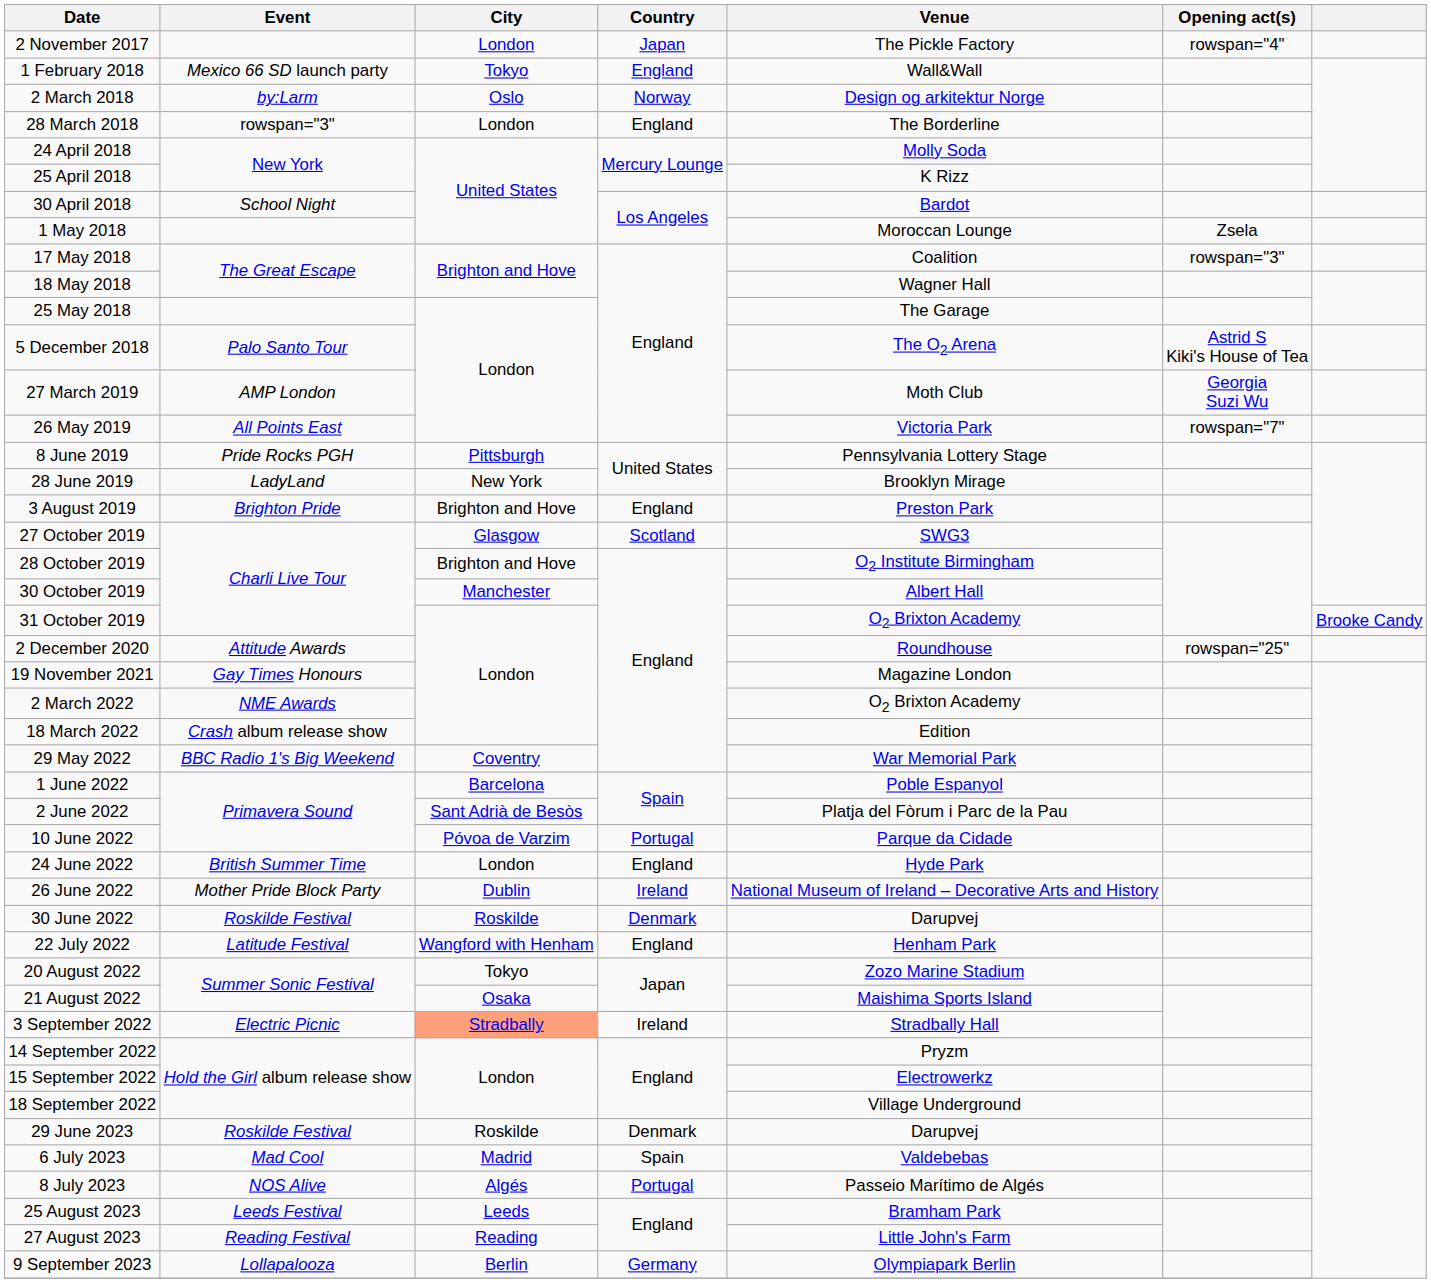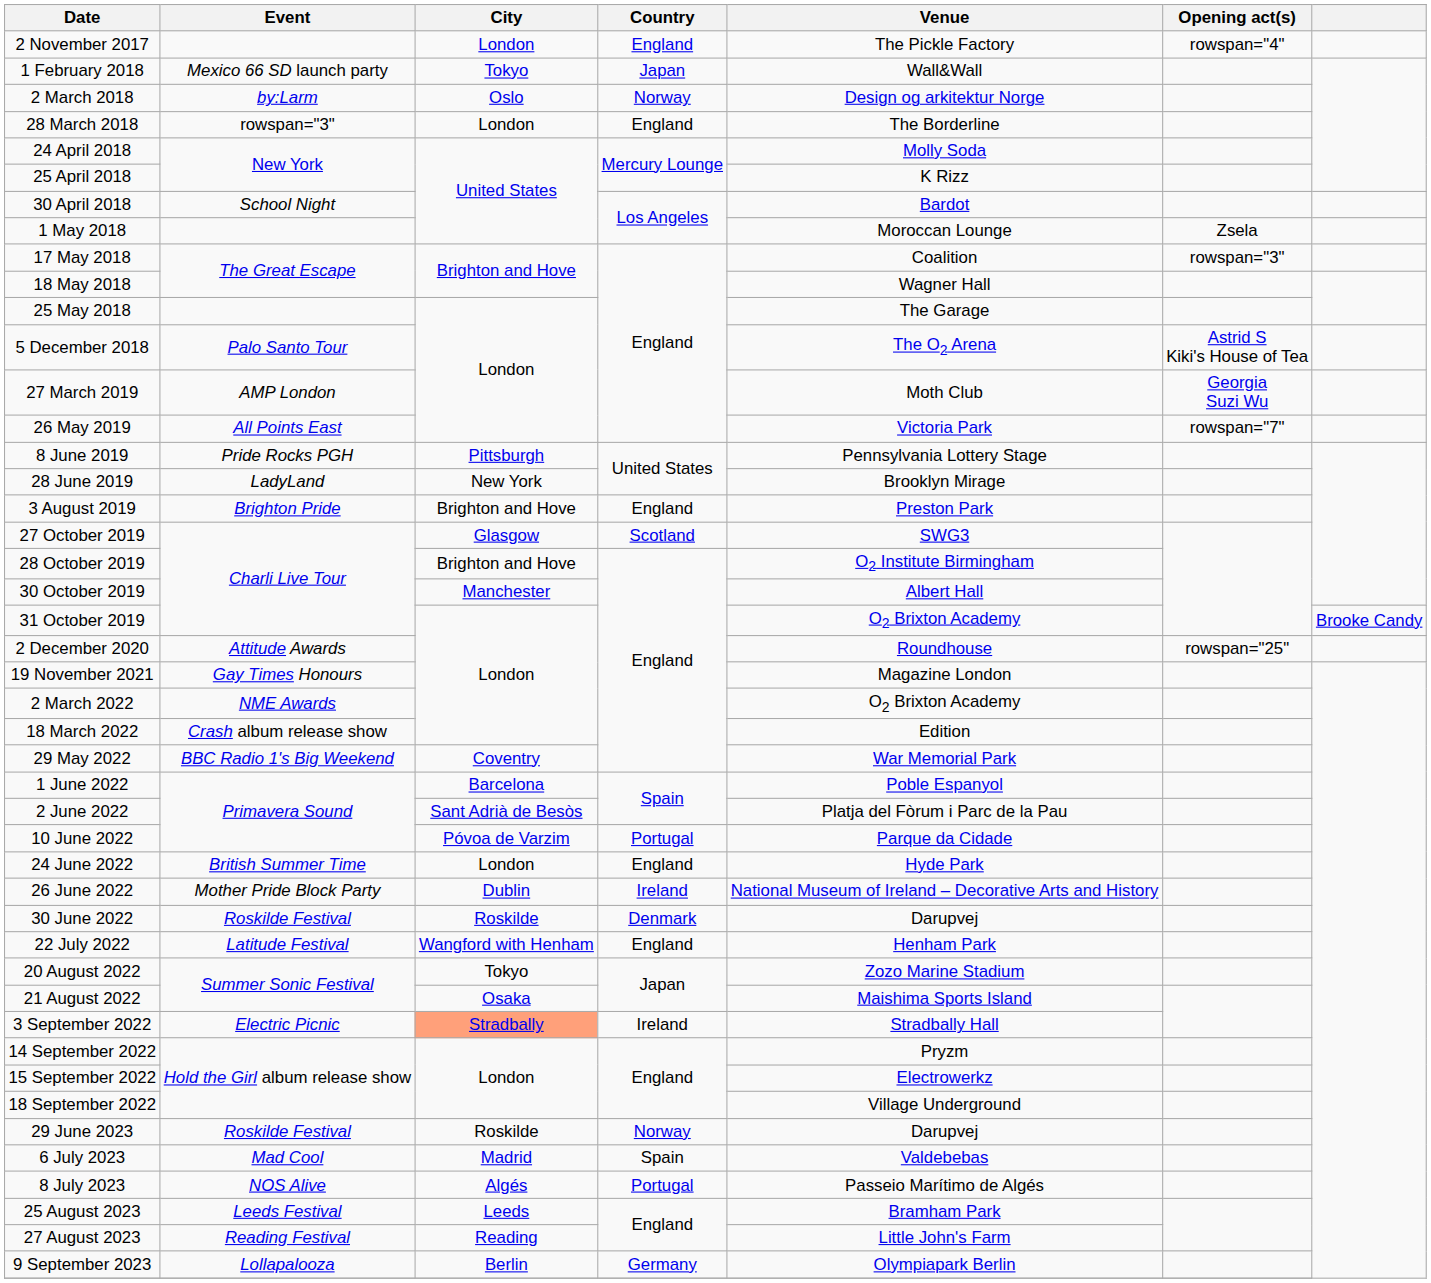 <table class="wikitable" style="text-align:center;">
 <tr>
 <th>Date</th>
 <th>Event</th>
 <th>City</th>
 <th>Country</th>
 <th>Venue</th>
 <th>Opening act(s)</th>
 <th></th>
 </tr>
 <tr>
 <td>2 November 2017</td>
 <td></td>
 <td><a href='#'>London</a></td>
-<td><a href='#'>Japan</a></td>
+<td><a href='#'>England</a></td>
 <td>The Pickle Factory</td>
 <td>rowspan="4" </td>
 <td></td>
 </tr>
 <tr>
 <td>1 February 2018</td>
 <td><em>Mexico 66 SD</em> launch party</td>
 <td><a href='#'>Tokyo</a></td>
-<td><a href='#'>England</a></td>
+<td><a href='#'>Japan</a></td>
 <td>Wall&Wall</td>
 <td></td>
 </tr>
 <tr>
 <td>2 March 2018</td>
 <td><em><a href='#'>by:Larm</a></em></td>
 <td><a href='#'>Oslo</a></td>
 <td><a href='#'>Norway</a></td>
 <td><a href='#'>Design og arkitektur Norge</a></td>
 <td></td>
 </tr>
 <tr>
 <td>28 March 2018</td>
 <td>rowspan="3" </td>
 <td>London</td>
 <td>England</td>
 <td>The Borderline</td>
 <td></td>
 </tr>
 <tr>
 <td>24 April 2018</td>
 <td rowspan="2"><a href='#'>New York</a></td>
 <td rowspan="4"><a href='#'>United States</a></td>
 <td rowspan="2"><a href='#'>Mercury Lounge</a></td>
 <td><a href='#'>Molly Soda</a></td>
 <td></td>
 </tr>
 <tr>
 <td>25 April 2018</td>
 <td>K Rizz</td>
 <td></td>
 </tr>
 <tr>
 <td>30 April 2018</td>
 <td><em>School Night</em></td>
 <td rowspan="2"><a href='#'>Los Angeles</a></td>
 <td><a href='#'>Bardot</a></td>
 <td></td>
 <td></td>
 </tr>
 <tr>
 <td>1 May 2018</td>
 <td></td>
 <td>Moroccan Lounge</td>
 <td>Zsela</td>
 <td></td>
 </tr>
 <tr>
 <td>17 May 2018</td>
 <td rowspan="2"><a href='#'><em>The Great Escape</em></a></td>
 <td rowspan="2"><a href='#'>Brighton and Hove</a></td>
 <td rowspan="6">England</td>
 <td>Coalition</td>
 <td>rowspan="3" </td>
 <td></td>
 </tr>
 <tr>
 <td>18 May 2018</td>
 <td>Wagner Hall</td>
 <td></td>
 </tr>
 <tr>
 <td>25 May 2018</td>
 <td></td>
 <td rowspan="4">London</td>
 <td>The Garage</td>
 <td></td>
 </tr>
 <tr>
 <td>5 December 2018</td>
 <td><em><a href='#'>Palo Santo Tour</a></em></td>
 <td><a href='#'>The O<sub>2</sub> Arena</a></td>
 <td><a href='#'>Astrid S</a><br>Kiki's House of Tea</td>
 <td></td>
 </tr>
 <tr>
 <td>27 March 2019</td>
 <td><em>AMP London</em></td>
 <td>Moth Club</td>
 <td><a href='#'>Georgia</a><br><a href='#'>Suzi Wu</a></td>
 <td></td>
 </tr>
 <tr>
 <td>26 May 2019</td>
 <td><em><a href='#'>All Points East</a></em></td>
 <td><a href='#'>Victoria Park</a></td>
 <td>rowspan="7" </td>
 <td></td>
 </tr>
 <tr>
 <td>8 June 2019</td>
 <td><em>Pride Rocks PGH</em></td>
 <td><a href='#'>Pittsburgh</a></td>
 <td rowspan="2">United States</td>
 <td>Pennsylvania Lottery Stage</td>
 <td></td>
 </tr>
 <tr>
 <td>28 June 2019</td>
 <td><em>LadyLand</em></td>
 <td>New York</td>
 <td>Brooklyn Mirage</td>
 <td></td>
 </tr>
 <tr>
 <td>3 August 2019</td>
 <td><em><a href='#'>Brighton Pride</a></em></td>
 <td>Brighton and Hove</td>
 <td>England</td>
 <td><a href='#'>Preston Park</a></td>
 <td></td>
 </tr>
 <tr>
 <td>27 October 2019</td>
 <td rowspan="4"><em><a href='#'>Charli Live Tour</a></em></td>
 <td><a href='#'>Glasgow</a></td>
 <td><a href='#'>Scotland</a></td>
 <td><a href='#'>SWG3</a></td>
 <td rowspan="4"></td>
 </tr>
 <tr>
 <td>28 October 2019</td>
 <td>Brighton and Hove</td>
 <td rowspan="8">England</td>
 <td><a href='#'>O<sub>2</sub> Institute Birmingham</a></td>
 </tr>
 <tr>
 <td>30 October 2019</td>
 <td><a href='#'>Manchester</a></td>
 <td><a href='#'>Albert Hall</a></td>
 </tr>
 <tr>
 <td>31 October 2019</td>
 <td rowspan="5">London</td>
 <td><a href='#'>O<sub>2</sub> Brixton Academy</a></td>
 <td><a href='#'>Brooke Candy</a></td>
 </tr>
 <tr>
 <td>2 December 2020</td>
 <td><em><a href='#'>Attitude</a> Awards</em></td>
 <td><a href='#'>Roundhouse</a></td>
 <td>rowspan="25" </td>
 <td></td>
 </tr>
 <tr>
 <td>19 November 2021</td>
 <td><em><a href='#'>Gay Times</a> Honours</em></td>
 <td>Magazine London</td>
 <td></td>
 </tr>
 <tr>
 <td>2 March 2022</td>
 <td><a href='#'><em>NME Awards</em></a></td>
 <td>O<sub>2</sub> Brixton Academy</td>
 <td></td>
 </tr>
 <tr>
 <td>18 March 2022</td>
 <td><a href='#'><em>Crash</em></a> album release show</td>
 <td>Edition</td>
 <td></td>
 </tr>
 <tr>
 <td>29 May 2022</td>
 <td><em><a href='#'>BBC Radio 1's Big Weekend</a></em></td>
 <td><a href='#'>Coventry</a></td>
 <td><a href='#'>War Memorial Park</a></td>
 <td></td>
 </tr>
 <tr>
 <td>1 June 2022</td>
 <td rowspan="3"><a href='#'><em>Primavera Sound</em></a></td>
 <td><a href='#'>Barcelona</a></td>
 <td rowspan="2"><a href='#'>Spain</a></td>
 <td><a href='#'>Poble Espanyol</a></td>
 <td></td>
 </tr>
 <tr>
 <td>2 June 2022</td>
 <td><a href='#'>Sant Adrià de Besòs</a></td>
 <td>Platja del Fòrum i Parc de la Pau</td>
 <td></td>
 </tr>
 <tr>
 <td>10 June 2022</td>
 <td><a href='#'>Póvoa de Varzim</a></td>
 <td><a href='#'>Portugal</a></td>
 <td><a href='#'>Parque da Cidade</a></td>
 <td></td>
 </tr>
 <tr>
 <td>24 June 2022</td>
 <td><a href='#'><em>British Summer Time</em></a></td>
 <td>London</td>
 <td>England</td>
 <td><a href='#'>Hyde Park</a></td>
 <td></td>
 </tr>
 <tr>
 <td>26 June 2022</td>
 <td><em>Mother Pride Block Party</em></td>
 <td><a href='#'>Dublin</a></td>
 <td><a href='#'>Ireland</a></td>
 <td><a href='#'>National Museum of Ireland – Decorative Arts and History</a></td>
 <td></td>
 </tr>
 <tr>
 <td>30 June 2022</td>
 <td><em><a href='#'>Roskilde Festival</a></em></td>
 <td><a href='#'>Roskilde</a></td>
 <td><a href='#'>Denmark</a></td>
 <td>Darupvej</td>
 <td></td>
 </tr>
 <tr>
 <td>22 July 2022</td>
 <td><em><a href='#'>Latitude Festival</a></em></td>
 <td><a href='#'>Wangford with Henham</a></td>
 <td>England</td>
 <td><a href='#'>Henham Park</a></td>
 <td></td>
 </tr>
 <tr>
 <td>20 August 2022</td>
 <td rowspan="2"><em><a href='#'>Summer Sonic Festival</a></em></td>
 <td>Tokyo</td>
 <td rowspan="2">Japan</td>
 <td><a href='#'>Zozo Marine Stadium</a></td>
 <td></td>
 </tr>
 <tr>
 <td>21 August 2022</td>
 <td><a href='#'>Osaka</a></td>
 <td><a href='#'>Maishima Sports Island</a></td>
 <td rowspan="2"></td>
 </tr>
 <tr>
 <td>3 September 2022</td>
 <td><em><a href='#'>Electric Picnic</a></em></td>
 <td style="background: lightsalmon;"><a href='#'>Stradbally</a></td>
 <td>Ireland</td>
 <td><a href='#'>Stradbally Hall</a></td>
 </tr>
 <tr>
 <td>14 September 2022</td>
 <td rowspan="3"><em><a href='#'>Hold the Girl</a></em> album release show</td>
 <td rowspan="3">London</td>
 <td rowspan="3">England</td>
 <td>Pryzm</td>
 <td></td>
 </tr>
 <tr>
 <td>15 September 2022</td>
 <td><a href='#'>Electrowerkz</a></td>
 <td></td>
 </tr>
 <tr>
 <td>18 September 2022</td>
 <td>Village Underground</td>
 <td></td>
 </tr>
 <tr>
 <td>29 June 2023</td>
 <td><em><a href='#'>Roskilde Festival</a></em></td>
 <td>Roskilde</td>
-<td>Denmark</td>
+<td><a href='#'>Norway</a></td>
 <td>Darupvej</td>
 <td></td>
 </tr>
 <tr>
 <td>6 July 2023</td>
 <td><em><a href='#'>Mad Cool</a></em></td>
 <td><a href='#'>Madrid</a></td>
 <td>Spain</td>
 <td><a href='#'>Valdebebas</a></td>
 <td></td>
 </tr>
 <tr>
 <td>8 July 2023</td>
 <td><em><a href='#'>NOS Alive</a></em></td>
 <td><a href='#'>Algés</a></td>
 <td><a href='#'>Portugal</a></td>
 <td>Passeio Marítimo de Algés</td>
 <td></td>
 </tr>
 <tr>
 <td>25 August 2023</td>
 <td><em><a href='#'>Leeds Festival</a></em></td>
 <td><a href='#'>Leeds</a></td>
 <td rowspan="2">England</td>
 <td><a href='#'>Bramham Park</a></td>
 <td rowspan="2"></td>
 </tr>
 <tr>
 <td>27 August 2023</td>
 <td><em><a href='#'>Reading Festival</a></em></td>
 <td><a href='#'>Reading</a></td>
 <td><a href='#'>Little John's Farm</a></td>
 </tr>
 <tr>
 <td>9 September 2023</td>
 <td><em><a href='#'>Lollapalooza</a></em></td>
 <td><a href='#'>Berlin</a></td>
 <td><a href='#'>Germany</a></td>
 <td><a href='#'>Olympiapark Berlin</a></td>
 <td></td>
 </tr>
 <tr>
 </tr>
 </table>
